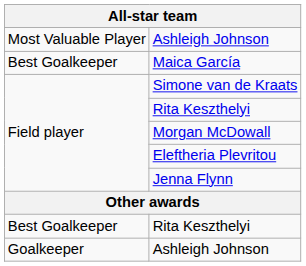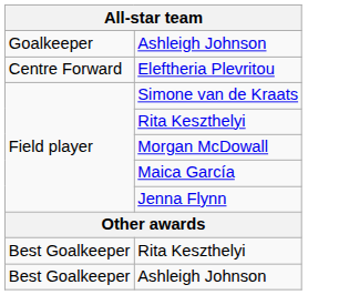 <table class="wikitable">
 <tr>
 <th colspan=2>All-star team</th>
 </tr>
 <tr>
-<td>Most Valuable Player</td>
+<td>Goalkeeper</td>
 <td> <a href='#'>Ashleigh Johnson</a></td>
 </tr>
 <tr>
-<td>Best Goalkeeper</td>
-<td> <a href='#'>Maica García</a></td>
+<td>Centre Forward</td>
+<td> <a href='#'>Eleftheria Plevritou</a></td>
 </tr>
 <tr>
 <td rowspan=5>Field player</td>
 <td> <a href='#'>Simone van de Kraats</a></td>
 </tr>
 <tr>
 <td> <a href='#'>Rita Keszthelyi</a></td>
 </tr>
 <tr>
 <td> <a href='#'>Morgan McDowall</a></td>
 </tr>
 <tr>
-<td> <a href='#'>Eleftheria Plevritou</a></td>
+<td> <a href='#'>Maica García</a></td>
 </tr>
 <tr>
 <td> <a href='#'>Jenna Flynn</a></td>
 </tr>
 <tr>
 <th colspan=2>Other awards</th>
 </tr>
 <tr>
 <td>Best Goalkeeper</td>
 <td> Rita Keszthelyi</td>
 </tr>
 <tr>
-<td>Goalkeeper</td>
+<td>Best Goalkeeper</td>
 <td> Ashleigh Johnson</td>
 </tr>
 </table>
